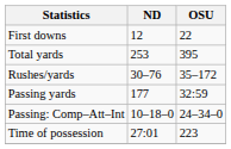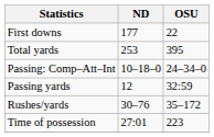 <table class="wikitable" style="float: left;">
 <tr>
 <th>Statistics</th>
 <th>ND</th>
 <th>OSU</th>
 </tr>
 <tr>
 <td>First downs</td>
-<td>12</td>
+<td>177</td>
 <td>22</td>
 </tr>
 <tr>
 <td>Total yards</td>
 <td>253</td>
 <td>395</td>
 </tr>
 <tr>
+<td>Passing: Comp–Att–Int</td>
+<td>10–18–0</td>
+<td>24–34–0</td>
+</tr>
+<tr>
+<td>Passing yards</td>
+<td>12</td>
+<td>32:59</td>
+</tr>
+<tr>
 <td>Rushes/yards</td>
 <td>30–76</td>
 <td>35–172</td>
-</tr>
-<tr>
-<td>Passing yards</td>
-<td>177</td>
-<td>32:59</td>
-</tr>
-<tr>
-<td>Passing: Comp–Att–Int</td>
-<td>10–18–0</td>
-<td>24–34–0</td>
 </tr>
 <tr>
 <td>Time of possession</td>
 <td>27:01</td>
 <td>223</td>
 </tr>
 <tr>
 </tr>
 </table>
